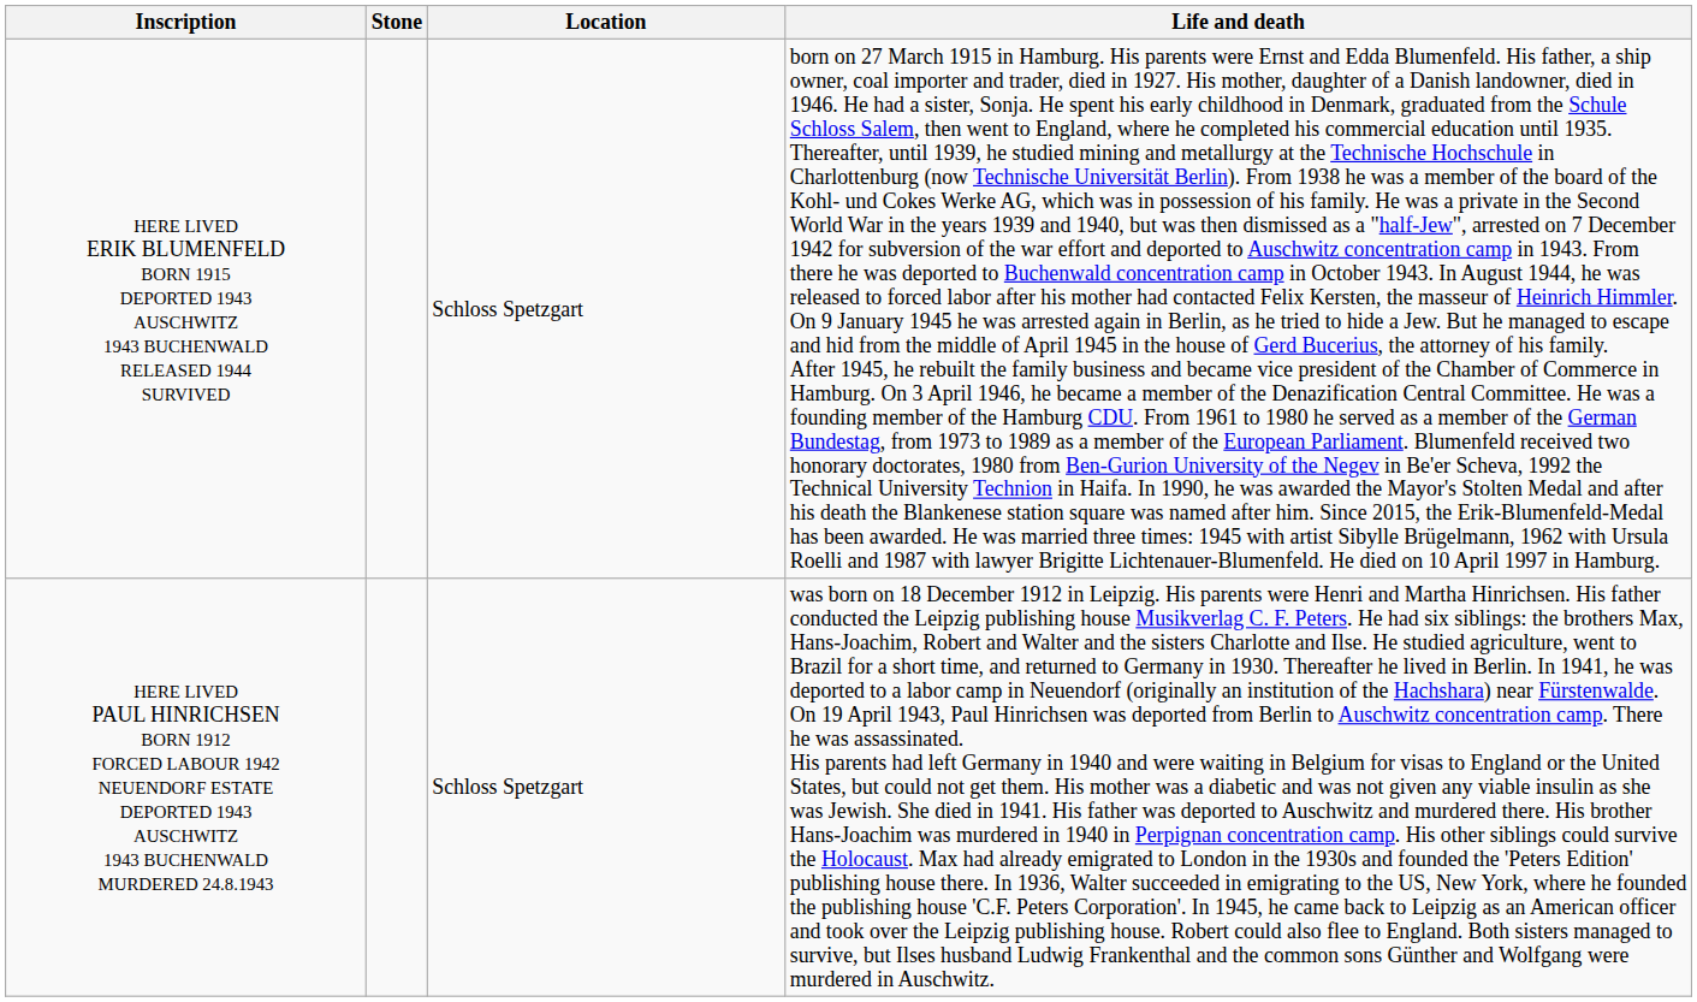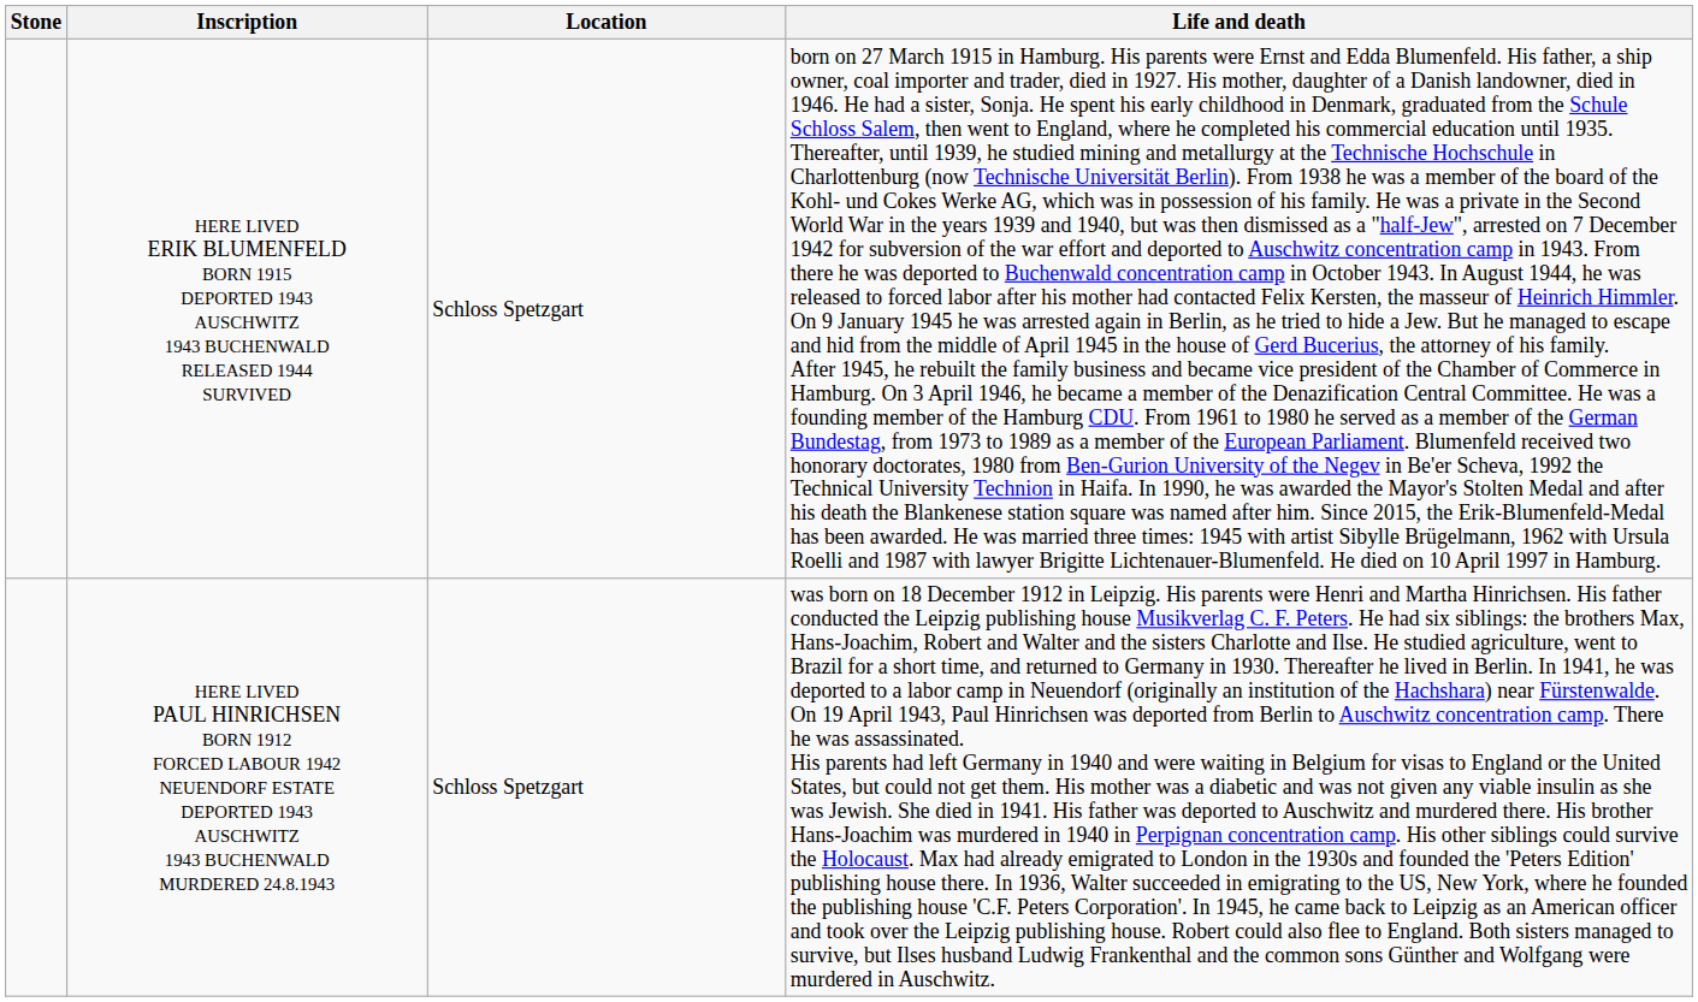 <table class="wikitable sortable toptextcells" style="width:100%">
 <tr>
+<th class="hintergrundfarbe6 unsortable" width="120px">Stone</th>
 <th class="hintergrundfarbe6 unsortable" style ="width:22%;">Inscription</th>
-<th class="hintergrundfarbe6 unsortable" width="120px">Stone</th>
 <th class="hintergrundfarbe6" data-sort-type="text" style ="width:22%;">Location</th>
 <th class="hintergrundfarbe6" style="width:100%;">Life and death</th>
 </tr>
 <tr>
+<td></td>
 <td style="text-align:center"><div><small>HERE LIVED</small><br>ERIK BLUMENFELD<br><small>BORN 1915<br>DEPORTED 1943<br>AUSCHWITZ<br>1943 BUCHENWALD<br>RELEASED 1944<br>SURVIVED</small></div></td>
-<td></td>
 <td>Schloss Spetzgart<br></td>
 <td><strong></strong> born on 27 March 1915 in Hamburg. His parents were Ernst and Edda Blumenfeld. His father, a ship owner, coal importer and trader, died in 1927. His mother, daughter of a Danish landowner, died in 1946. He had a sister, Sonja. He spent his early childhood in Denmark, graduated from the <a href='#'>Schule Schloss Salem</a>, then went to England, where he completed his commercial education until 1935. Thereafter, until 1939, he studied mining and metallurgy at the <a href='#'>Technische Hochschule</a> in Charlottenburg (now <a href='#'>Technische Universität Berlin</a>). From 1938 he was a member of the board of the Kohl- und Cokes Werke AG, which was in possession of his family. He was a private in the Second World War in the years 1939 and 1940, but was then dismissed as a "<a href='#'>half-Jew</a>", arrested on 7 December 1942 for subversion of the war effort and deported to <a href='#'>Auschwitz concentration camp</a> in 1943. From there he was deported to <a href='#'>Buchenwald concentration camp</a> in October 1943. In August 1944, he was released to forced labor after his mother had contacted Felix Kersten, the masseur of <a href='#'>Heinrich Himmler</a>. On 9 January 1945 he was arrested again in Berlin, as he tried to hide a Jew. But he managed to escape and hid from the middle of April 1945 in the house of <a href='#'>Gerd Bucerius</a>, the attorney of his family.<br>After 1945, he rebuilt the family business and became vice president of the Chamber of Commerce in Hamburg. On 3 April 1946, he became a member of the Denazification Central Committee. He was a founding member of the Hamburg <a href='#'>CDU</a>.  From 1961 to 1980 he served as a member of the <a href='#'>German Bundestag</a>, from 1973 to 1989 as a member of the <a href='#'>European Parliament</a>. Blumenfeld received two honorary doctorates, 1980 from <a href='#'>Ben-Gurion University of the Negev</a> in Be'er Scheva, 1992 the Technical University <a href='#'>Technion</a> in Haifa. In 1990, he was awarded the Mayor's Stolten Medal and after his death the Blankenese station square was named after him. Since 2015, the Erik-Blumenfeld-Medal has been awarded. He was married three times: 1945 with artist Sibylle Brügelmann, 1962 with Ursula Roelli and 1987 with lawyer Brigitte Lichtenauer-Blumenfeld. He died on 10 April 1997 in Hamburg.</td>
 </tr>
 <tr>
+<td></td>
 <td style="text-align:center"><div><small>HERE LIVED</small><br>PAUL HINRICHSEN<br><small>BORN 1912<br>FORCED LABOUR 1942<br>NEUENDORF ESTATE<br>DEPORTED 1943<br>AUSCHWITZ<br>1943 BUCHENWALD<br>MURDERED 24.8.1943</small></div></td>
-<td></td>
 <td>Schloss Spetzgart<br></td>
 <td><strong></strong> was born on 18 December 1912 in Leipzig. His parents were Henri and Martha Hinrichsen. His father conducted the Leipzig publishing house <a href='#'>Musikverlag C. F. Peters</a>. He had six siblings: the brothers Max, Hans-Joachim, Robert and Walter and the sisters Charlotte and Ilse. He studied agriculture, went to Brazil for a short time, and returned to Germany in 1930. Thereafter he lived in Berlin. In 1941, he was deported to a labor camp in Neuendorf (originally an institution of the <a href='#'>Hachshara</a>) near <a href='#'>Fürstenwalde</a>. On 19 April 1943, Paul Hinrichsen was deported from Berlin to <a href='#'>Auschwitz concentration camp</a>. There he was assassinated.<br>His parents had left Germany in 1940 and were waiting in Belgium for visas to England or the United States, but could not get them. His mother was a diabetic and was not given any viable insulin as she was Jewish. She died in 1941. His father was deported to Auschwitz and murdered there.  His brother Hans-Joachim was murdered in 1940 in <a href='#'>Perpignan concentration camp</a>. His other siblings could survive the <a href='#'>Holocaust</a>. Max had already emigrated to London in the 1930s and founded the 'Peters Edition' publishing house there. In 1936, Walter succeeded in emigrating to the US, New York, where he founded the publishing house 'C.F. Peters Corporation'. In 1945, he came back to Leipzig as an American officer and took over the Leipzig publishing house. Robert could also flee to England. Both sisters managed to survive, but Ilses husband Ludwig Frankenthal and the common sons Günther and Wolfgang were murdered in Auschwitz.</td>
 </tr>
 </table>
